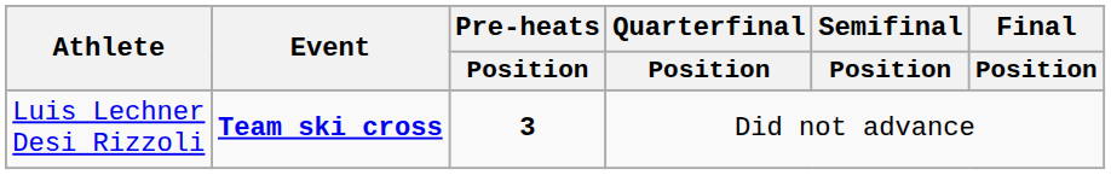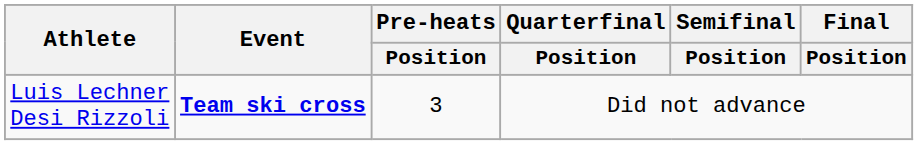 <table class="wikitable" style="font-size:90%">
 <tr>
 <th rowspan="2">Athlete</th>
 <th rowspan="2">Event</th>
 <th>Pre-heats</th>
 <th>Quarterfinal</th>
 <th>Semifinal</th>
 <th>Final</th>
 </tr>
 <tr style="font-size:95%">
 <th>Position</th>
 <th>Position</th>
 <th>Position</th>
 <th>Position</th>
 </tr>
 <tr align=center>
 <td align=left><a href='#'>Luis Lechner</a><br><a href='#'>Desi Rizzoli</a></td>
 <td align=left><strong><a href='#'>Team ski cross</a></strong></td>
-<td><strong>3</strong></td>
+<td>3</td>
 <td colspan=3>Did not advance</td>
 </tr>
 </table>
